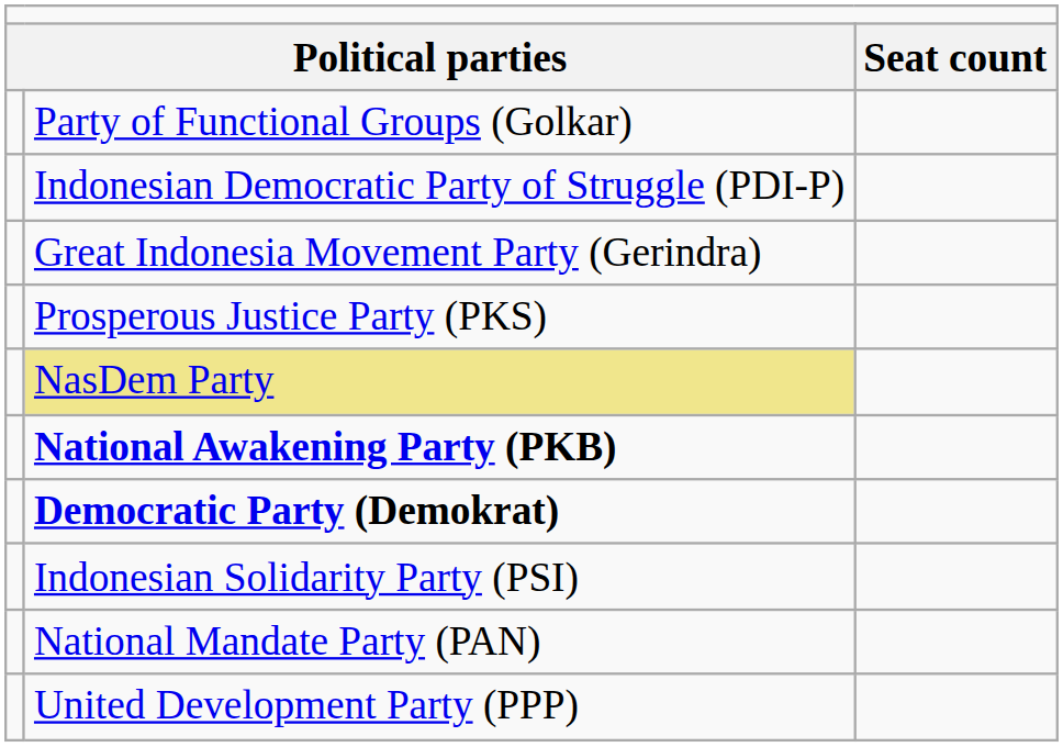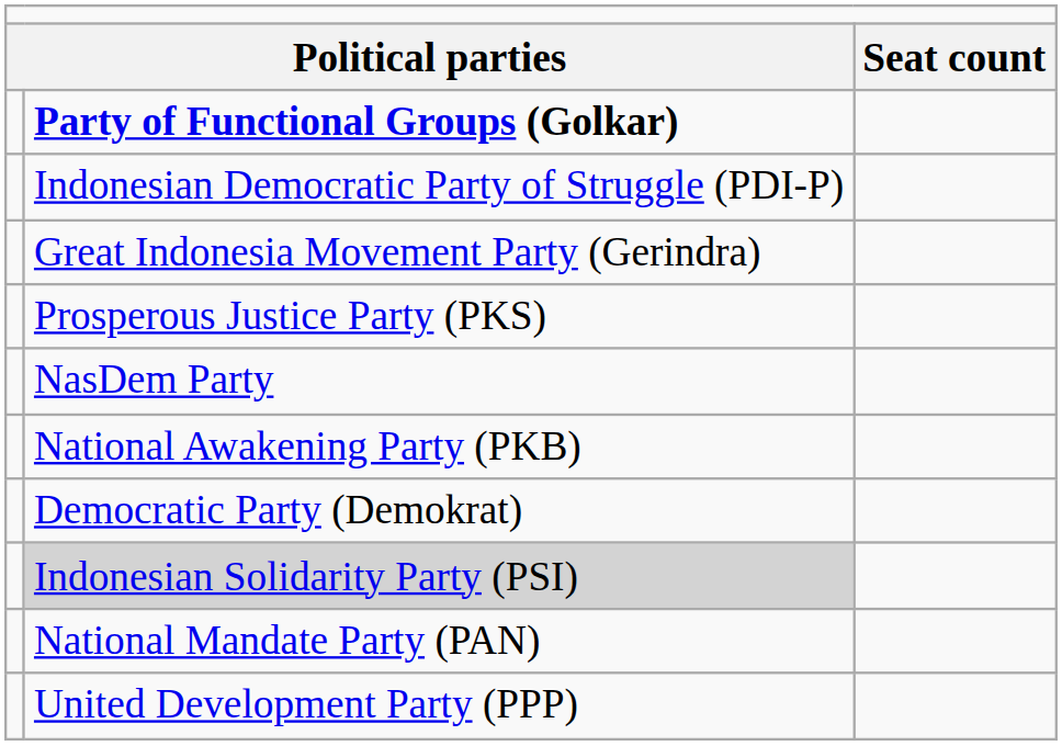 <table class="wikitable">
 <tr>
 <td colspan="4"></td>
 </tr>
 <tr>
 <th colspan="2">Political parties</th>
 <th>Seat count</th>
 </tr>
 <tr>
 <td bgcolor=></td>
-<td><a href='#'>Party of Functional Groups</a> (Golkar)</td>
+<td><strong><a href='#'>Party of Functional Groups</a> (Golkar)</strong></td>
 <td></td>
 </tr>
 <tr>
 <td bgcolor=></td>
 <td><a href='#'>Indonesian Democratic Party of Struggle</a> (PDI-P)</td>
 <td></td>
 </tr>
 <tr>
 <td bgcolor=></td>
 <td><a href='#'>Great Indonesia Movement Party</a> (Gerindra)</td>
 <td></td>
 </tr>
 <tr>
 <td bgcolor=></td>
 <td><a href='#'>Prosperous Justice Party</a> (PKS)</td>
 <td></td>
 </tr>
 <tr>
 <td bgcolor=></td>
-<td style="background: khaki;"><a href='#'>NasDem Party</a></td>
+<td><a href='#'>NasDem Party</a></td>
 <td></td>
 </tr>
 <tr>
 <td bgcolor=></td>
-<td><strong><a href='#'>National Awakening Party</a> (PKB)</strong></td>
+<td><a href='#'>National Awakening Party</a> (PKB)</td>
 <td></td>
 </tr>
 <tr>
 <td bgcolor=></td>
-<td><strong><a href='#'>Democratic Party</a> (Demokrat)</strong></td>
+<td><a href='#'>Democratic Party</a> (Demokrat)</td>
 <td></td>
 </tr>
 <tr>
 <td bgcolor=></td>
-<td><a href='#'>Indonesian Solidarity Party</a> (PSI)</td>
+<td style="background: lightgrey;"><a href='#'>Indonesian Solidarity Party</a> (PSI)</td>
 <td></td>
 </tr>
 <tr>
 <td bgcolor=></td>
 <td><a href='#'>National Mandate Party</a> (PAN)</td>
 <td></td>
 </tr>
 <tr>
 <td bgcolor=></td>
 <td><a href='#'>United Development Party</a> (PPP)</td>
 <td></td>
 </tr>
 </table>
